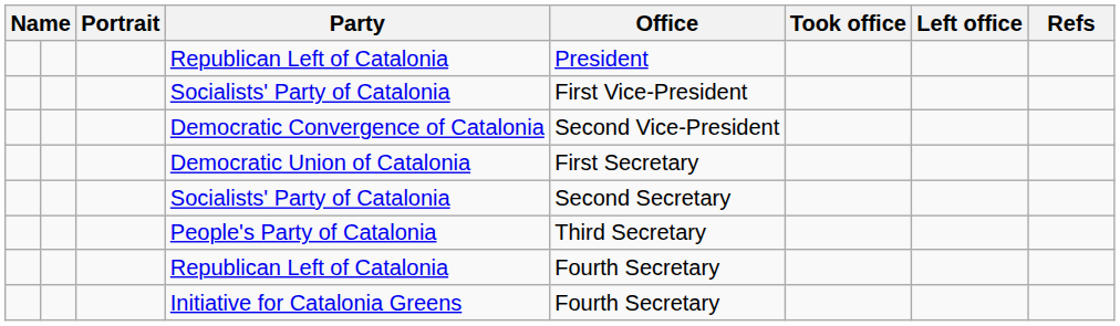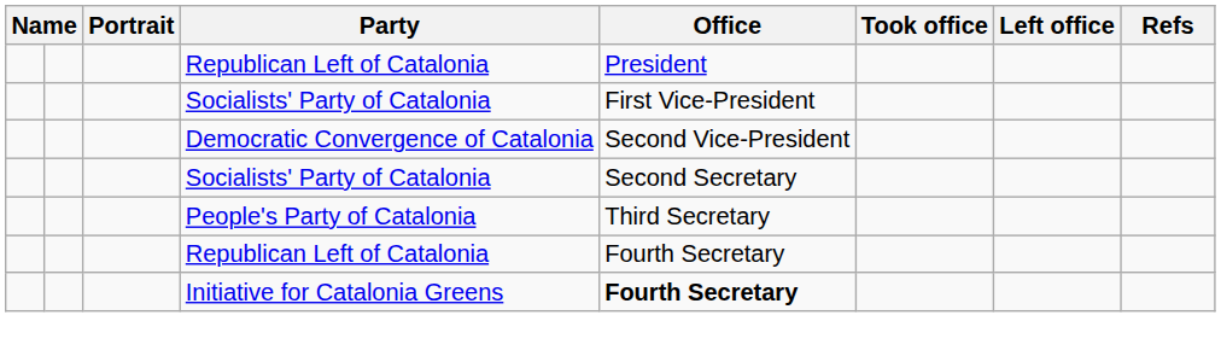 <table class="wikitable plainrowheaders sortable mw-collapsible mw-collapsed" style="font-size:90%; text-align:left;">
 <tr>
 <th scope=col colspan="2">Name</th>
 <th scope=col class=unsortable>Portrait</th>
 <th scope=col>Party</th>
 <th scope=col>Office</th>
 <th scope=col>Took office</th>
 <th scope=col>Left office</th>
 <th scope=col width=50px class=unsortable>Refs</th>
 </tr>
 <tr>
 <td !align="center" style="background:"></td>
 <td></td>
 <td align=center></td>
 <td><a href='#'>Republican Left of Catalonia</a></td>
 <td><a href='#'>President</a></td>
 <td align=center></td>
 <td align=center></td>
 <td align=center></td>
 </tr>
 <tr>
 <td !align="center" style="background:"></td>
 <td></td>
 <td align=center></td>
 <td><a href='#'>Socialists' Party of Catalonia</a></td>
 <td>First Vice-President</td>
 <td align=center></td>
 <td align=center></td>
 <td align=center></td>
 </tr>
 <tr>
 <td !align="center" style="background:"></td>
 <td></td>
 <td align=center></td>
 <td><a href='#'>Democratic Convergence of Catalonia</a></td>
 <td>Second Vice-President</td>
 <td align=center></td>
 <td align=center></td>
 <td align=center></td>
 </tr>
 <tr>
 <td !align="center" style="background:"></td>
 <td></td>
 <td align=center></td>
-<td><a href='#'>Democratic Union of Catalonia</a></td>
-<td>First Secretary</td>
-<td align=center></td>
-<td align=center></td>
-<td align=center></td>
-</tr>
-<tr>
-<td !align="center" style="background:"></td>
-<td></td>
-<td align=center></td>
 <td><a href='#'>Socialists' Party of Catalonia</a></td>
 <td>Second Secretary</td>
 <td align=center></td>
 <td align=center></td>
 <td align=center></td>
 </tr>
 <tr>
 <td !align="center" style="background:"></td>
 <td></td>
 <td align=center></td>
 <td><a href='#'>People's Party of Catalonia</a></td>
 <td>Third Secretary</td>
 <td align=center></td>
 <td align=center></td>
 <td align=center></td>
 </tr>
 <tr>
 <td !align="center" style="background:"></td>
 <td></td>
 <td align=center></td>
 <td><a href='#'>Republican Left of Catalonia</a></td>
 <td>Fourth Secretary</td>
 <td align=center></td>
 <td align=center></td>
 <td align=center></td>
 </tr>
 <tr>
 <td !align="center" style="background:"></td>
 <td></td>
 <td align=center></td>
 <td><a href='#'>Initiative for Catalonia Greens</a></td>
-<td>Fourth Secretary</td>
+<td><strong>Fourth Secretary</strong></td>
 <td align=center></td>
 <td align=center></td>
 <td align=center></td>
 </tr>
 </table>
